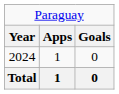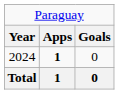 <table class="wikitable" style="text-align:center">
 <tr>
 <td colspan="3"><a href='#'>Paraguay</a></td>
 </tr>
 <tr>
 <th>Year</th>
 <th>Apps</th>
 <th>Goals</th>
 </tr>
 <tr>
 <td>2024</td>
-<td>1</td>
+<td><strong>1</strong></td>
 <td>0</td>
 </tr>
 <tr>
 <th>Total</th>
 <th>1</th>
 <th>0</th>
 </tr>
 </table>
